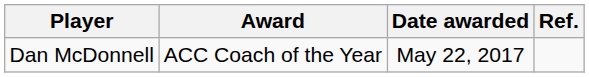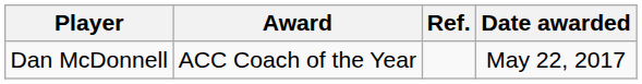 <table class="wikitable sortable sortable" style="text-align: center">
 <tr>
 <th>Player</th>
 <th>Award</th>
+<th>Ref.</th>
 <th>Date awarded</th>
-<th>Ref.</th>
 </tr>
 <tr>
 <td>Dan McDonnell</td>
 <td rowspan="1">ACC Coach of the Year</td>
+<td rowspan="1"></td>
 <td rowspan="1">May 22, 2017</td>
-<td rowspan="1"></td>
 </tr>
 </table>
